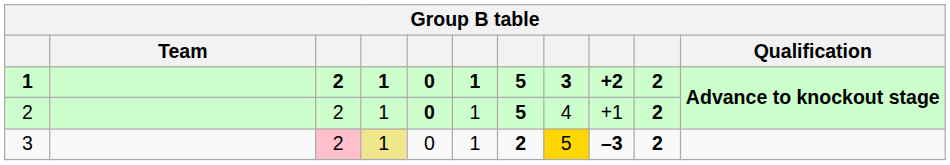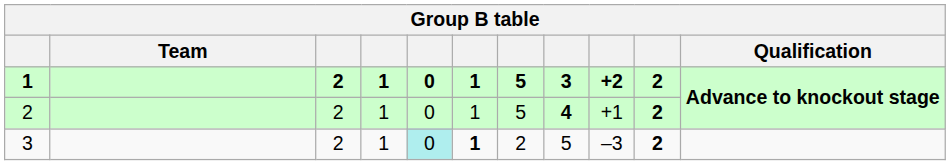 <table class="wikitable" style="text-align: center;">
 <tr>
 <th colspan="11">Group B table</th>
 </tr>
 <tr>
 <th width=30></th>
 <th width="210">Team</th>
 <th width=30></th>
 <th width=30></th>
 <th width=30></th>
 <th width=30></th>
 <th width=30></th>
 <th width=30></th>
 <th width=30></th>
 <th width=30></th>
 <th width=210>Qualification</th>
 </tr>
 <tr bgcolor=#ccffcc>
 <td><strong>1</strong></td>
 <td align="left"><strong></strong></td>
 <td><strong>2</strong></td>
 <td><strong>1</strong></td>
 <td><strong>0</strong></td>
 <td><strong>1</strong></td>
 <td><strong>5</strong></td>
 <td><strong>3</strong></td>
 <td><strong>+2</strong></td>
 <td><strong>2</strong></td>
 <td rowspan="2"><strong>Advance to knockout stage</strong></td>
 </tr>
 <tr bgcolor=#ccffcc>
 <td>2</td>
 <td align="left"></td>
 <td>2</td>
 <td>1</td>
-<td><strong>0</strong></td>
+<td>0</td>
 <td>1</td>
-<td><strong>5</strong></td>
-<td>4</td>
+<td>5</td>
+<td><strong>4</strong></td>
 <td>+1</td>
 <td><strong>2</strong></td>
 </tr>
 <tr>
 <td>3</td>
 <td align="left"></td>
-<td style="background: pink;">2</td>
-<td style="background: khaki;">1</td>
-<td>0</td>
+<td>2</td>
 <td>1</td>
-<td><strong>2</strong></td>
-<td style="background: gold;">5</td>
-<td><strong>–3</strong></td>
+<td style="background: paleturquoise;">0</td>
+<td><strong>1</strong></td>
+<td>2</td>
+<td>5</td>
+<td>–3</td>
 <td><strong>2</strong></td>
 <td></td>
 </tr>
 </table>
